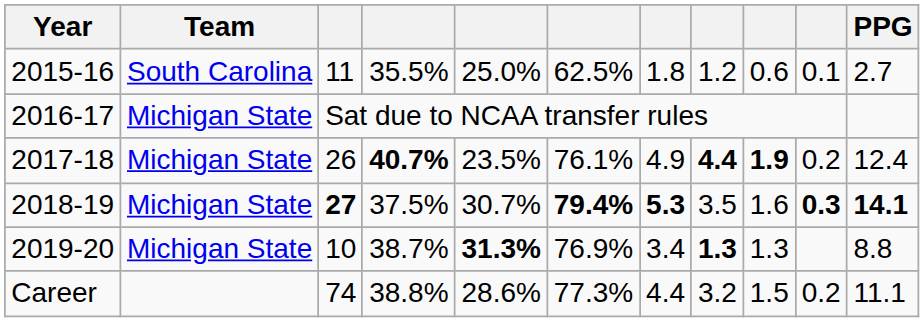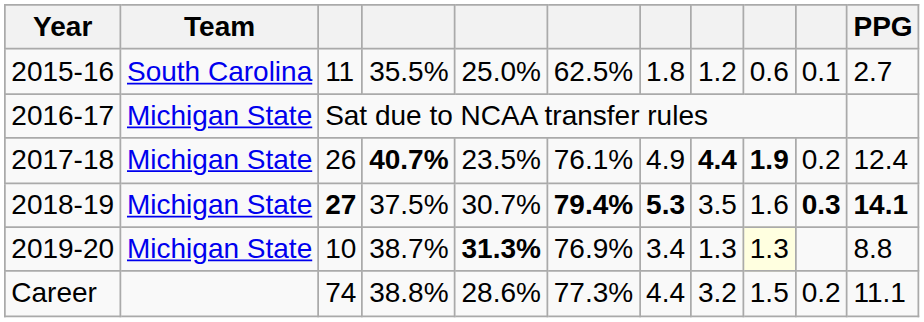 <table class="wikitable sortable">
 <tr>
 <th>Year</th>
 <th>Team</th>
 <th scope="col"></th>
 <th scope="col"></th>
 <th scope="col"></th>
 <th scope="col"></th>
 <th scope="col"></th>
 <th scope="col"></th>
 <th scope="col"></th>
 <th scope="col"></th>
 <th>PPG</th>
 </tr>
 <tr>
 <td>2015-16</td>
 <td><a href='#'>South Carolina</a></td>
 <td>11</td>
 <td>35.5%</td>
 <td>25.0%</td>
 <td>62.5%</td>
 <td>1.8</td>
 <td>1.2</td>
 <td>0.6</td>
 <td>0.1</td>
 <td>2.7</td>
 </tr>
 <tr>
 <td>2016-17</td>
 <td><a href='#'>Michigan State</a></td>
 <td colspan="8">Sat due to NCAA transfer rules</td>
 <td></td>
 </tr>
 <tr>
 <td>2017-18</td>
 <td><a href='#'>Michigan State</a></td>
 <td>26</td>
 <td><strong>40.7%</strong></td>
 <td>23.5%</td>
 <td>76.1%</td>
 <td>4.9</td>
 <td><strong>4.4</strong></td>
 <td><strong>1.9</strong></td>
 <td>0.2</td>
 <td>12.4</td>
 </tr>
 <tr>
 <td>2018-19</td>
 <td><a href='#'>Michigan State</a></td>
 <td><strong>27</strong></td>
 <td>37.5%</td>
 <td>30.7%</td>
 <td><strong>79.4%</strong></td>
 <td><strong>5.3</strong></td>
 <td>3.5</td>
 <td>1.6</td>
 <td><strong>0.3</strong></td>
 <td><strong>14.1</strong></td>
 </tr>
 <tr>
 <td>2019-20</td>
 <td><a href='#'>Michigan State</a></td>
 <td>10</td>
 <td>38.7%</td>
 <td><strong>31.3%</strong></td>
 <td>76.9%</td>
 <td>3.4</td>
-<td><strong>1.3</strong></td>
 <td>1.3</td>
+<td style="background: lightyellow;">1.3</td>
 <td></td>
 <td>8.8</td>
 </tr>
 <tr>
 <td>Career</td>
 <td></td>
 <td>74</td>
 <td>38.8%</td>
 <td>28.6%</td>
 <td>77.3%</td>
 <td>4.4</td>
 <td>3.2</td>
 <td>1.5</td>
 <td>0.2</td>
 <td>11.1</td>
 </tr>
 </table>
